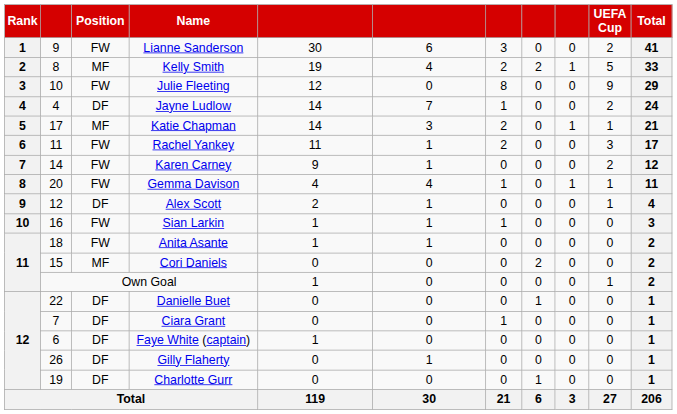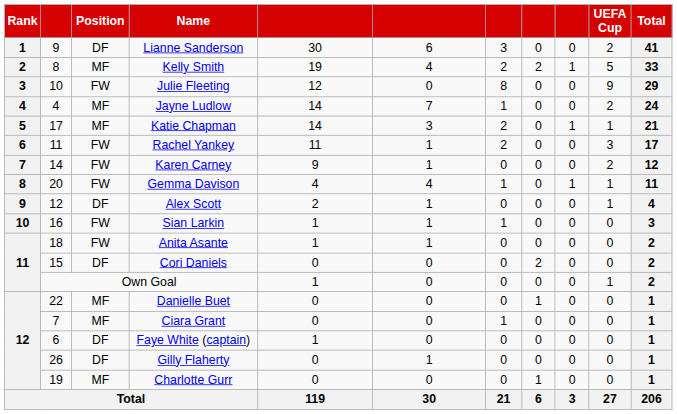 <table class="wikitable" style="text-align:center; font-size:100%; ">
 <tr>
 <th style="background:#d50000; color:white; text-align:center; width:40px">Rank</th>
 <th style="background:#d50000; color:white; text-align:center; width:40px"></th>
 <th style="background:#d50000; color:white; text-align:center; width:70px">Position</th>
 <th style="background:#d50000; color:white; text-align:center; width:200px">Name</th>
 <th style="background:#d50000; color:white; text-align:center; width:200px"></th>
 <th style="background:#d50000; color:white; text-align:center; width:200px"></th>
 <th style="background:#d50000; color:white; text-align:center; width:50px;"></th>
 <th style="background:#d50000; color:white; text-align:center; width:50px;"></th>
 <th style="background:#d50000; color:white; text-align:center; width:50px;"></th>
 <th style="background:#d50000; color:white; text-align:center; width:50px;">UEFA Cup</th>
 <th style="background:#d50000; color:white; text-align:center; width:50px;">Total</th>
 </tr>
 <tr>
 <th>1</th>
 <td>9</td>
-<td>FW</td>
+<td>DF</td>
 <td> <a href='#'>Lianne Sanderson</a></td>
 <td>30</td>
 <td>6</td>
 <td>3</td>
 <td>0</td>
 <td>0</td>
 <td>2</td>
 <th>41</th>
 </tr>
 <tr>
 <th>2</th>
 <td>8</td>
 <td>MF</td>
 <td> <a href='#'>Kelly Smith</a></td>
 <td>19</td>
 <td>4</td>
 <td>2</td>
 <td>2</td>
 <td>1</td>
 <td>5</td>
 <th>33</th>
 </tr>
 <tr>
 <th>3</th>
 <td>10</td>
 <td>FW</td>
 <td> <a href='#'>Julie Fleeting</a></td>
 <td>12</td>
 <td>0</td>
 <td>8</td>
 <td>0</td>
 <td>0</td>
 <td>9</td>
 <th>29</th>
 </tr>
 <tr>
 <th>4</th>
 <td>4</td>
-<td>DF</td>
+<td>MF</td>
 <td> <a href='#'>Jayne Ludlow</a></td>
 <td>14</td>
 <td>7</td>
 <td>1</td>
 <td>0</td>
 <td>0</td>
 <td>2</td>
 <th>24</th>
 </tr>
 <tr>
 <th>5</th>
 <td>17</td>
 <td>MF</td>
 <td><em></em> <a href='#'>Katie Chapman</a></td>
 <td>14</td>
 <td>3</td>
 <td>2</td>
 <td>0</td>
 <td>1</td>
 <td>1</td>
 <th>21</th>
 </tr>
 <tr>
 <th>6</th>
 <td>11</td>
 <td>FW</td>
 <td> <a href='#'>Rachel Yankey</a></td>
 <td>11</td>
 <td>1</td>
 <td>2</td>
 <td>0</td>
 <td>0</td>
 <td>3</td>
 <th>17</th>
 </tr>
 <tr>
 <th>7</th>
 <td>14</td>
 <td>FW</td>
 <td> <a href='#'>Karen Carney</a></td>
 <td>9</td>
 <td>1</td>
 <td>0</td>
 <td>0</td>
 <td>0</td>
 <td>2</td>
 <th>12</th>
 </tr>
 <tr>
 <th>8</th>
 <td>20</td>
 <td>FW</td>
 <td> <a href='#'>Gemma Davison</a></td>
 <td>4</td>
 <td>4</td>
 <td>1</td>
 <td>0</td>
 <td>1</td>
 <td>1</td>
 <th>11</th>
 </tr>
 <tr>
 <th>9</th>
 <td>12</td>
 <td>DF</td>
 <td> <a href='#'>Alex Scott</a></td>
 <td>2</td>
 <td>1</td>
 <td>0</td>
 <td>0</td>
 <td>0</td>
 <td>1</td>
 <th>4</th>
 </tr>
 <tr>
 <th>10</th>
 <td>16</td>
 <td>FW</td>
 <td> <a href='#'>Sian Larkin</a></td>
 <td>1</td>
 <td>1</td>
 <td>1</td>
 <td>0</td>
 <td>0</td>
 <td>0</td>
 <th>3</th>
 </tr>
 <tr>
 <th rowspan="3">11</th>
 <td>18</td>
 <td>FW</td>
 <td> <a href='#'>Anita Asante</a></td>
 <td>1</td>
 <td>1</td>
 <td>0</td>
 <td>0</td>
 <td>0</td>
 <td>0</td>
 <th>2</th>
 </tr>
 <tr>
 <td>15</td>
-<td>MF</td>
+<td>DF</td>
 <td> <a href='#'>Cori Daniels</a></td>
 <td>0</td>
 <td>0</td>
 <td>0</td>
 <td>2</td>
 <td>0</td>
 <td>0</td>
 <th>2</th>
 </tr>
 <tr>
 <td colspan="3">Own Goal</td>
 <td>1</td>
 <td>0</td>
 <td>0</td>
 <td>0</td>
 <td>0</td>
 <td>1</td>
 <th>2</th>
 </tr>
 <tr>
 <th rowspan="5">12</th>
 <td>22</td>
-<td>DF</td>
+<td>MF</td>
 <td> <a href='#'>Danielle Buet</a></td>
 <td>0</td>
 <td>0</td>
 <td>0</td>
 <td>1</td>
 <td>0</td>
 <td>0</td>
 <th>1</th>
 </tr>
 <tr>
 <td>7</td>
-<td>DF</td>
+<td>MF</td>
 <td> <a href='#'>Ciara Grant</a></td>
 <td>0</td>
 <td>0</td>
 <td>1</td>
 <td>0</td>
 <td>0</td>
 <td>0</td>
 <th>1</th>
 </tr>
 <tr>
 <td>6</td>
 <td>DF</td>
 <td> <a href='#'>Faye White</a> (<a href='#'>captain</a>)</td>
 <td>1</td>
 <td>0</td>
 <td>0</td>
 <td>0</td>
 <td>0</td>
 <td>0</td>
 <th>1</th>
 </tr>
 <tr>
 <td>26</td>
 <td>DF</td>
 <td> <a href='#'>Gilly Flaherty</a></td>
 <td>0</td>
 <td>1</td>
 <td>0</td>
 <td>0</td>
 <td>0</td>
 <td>0</td>
 <th>1</th>
 </tr>
 <tr>
 <td>19</td>
-<td>DF</td>
+<td>MF</td>
 <td> <a href='#'>Charlotte Gurr</a></td>
 <td>0</td>
 <td>0</td>
 <td>0</td>
 <td>1</td>
 <td>0</td>
 <td>0</td>
 <th>1</th>
 </tr>
 <tr>
 <th colspan="4">Total</th>
 <th>119</th>
 <th>30</th>
 <th>21</th>
 <th>6</th>
 <th>3</th>
 <th>27</th>
 <th>206</th>
 </tr>
 </table>
